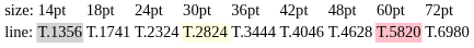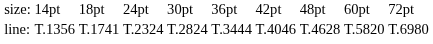 <table style="margin-left:40px;">
 <tr>
 <td>size:</td>
 <td>14pt</td>
 <td>18pt</td>
 <td>24pt</td>
 <td>30pt</td>
 <td>36pt</td>
 <td>42pt</td>
 <td>48pt</td>
 <td>60pt</td>
 <td>72pt</td>
 </tr>
 <tr>
 <td>line:</td>
-<td style="background: lightgrey;">T.1356</td>
+<td>T.1356</td>
 <td>T.1741</td>
 <td>T.2324</td>
-<td style="background: lightyellow;">T.2824</td>
+<td>T.2824</td>
 <td>T.3444</td>
 <td>T.4046</td>
 <td>T.4628</td>
-<td style="background: pink;">T.5820</td>
+<td>T.5820</td>
 <td>T.6980</td>
 </tr>
 </table>
